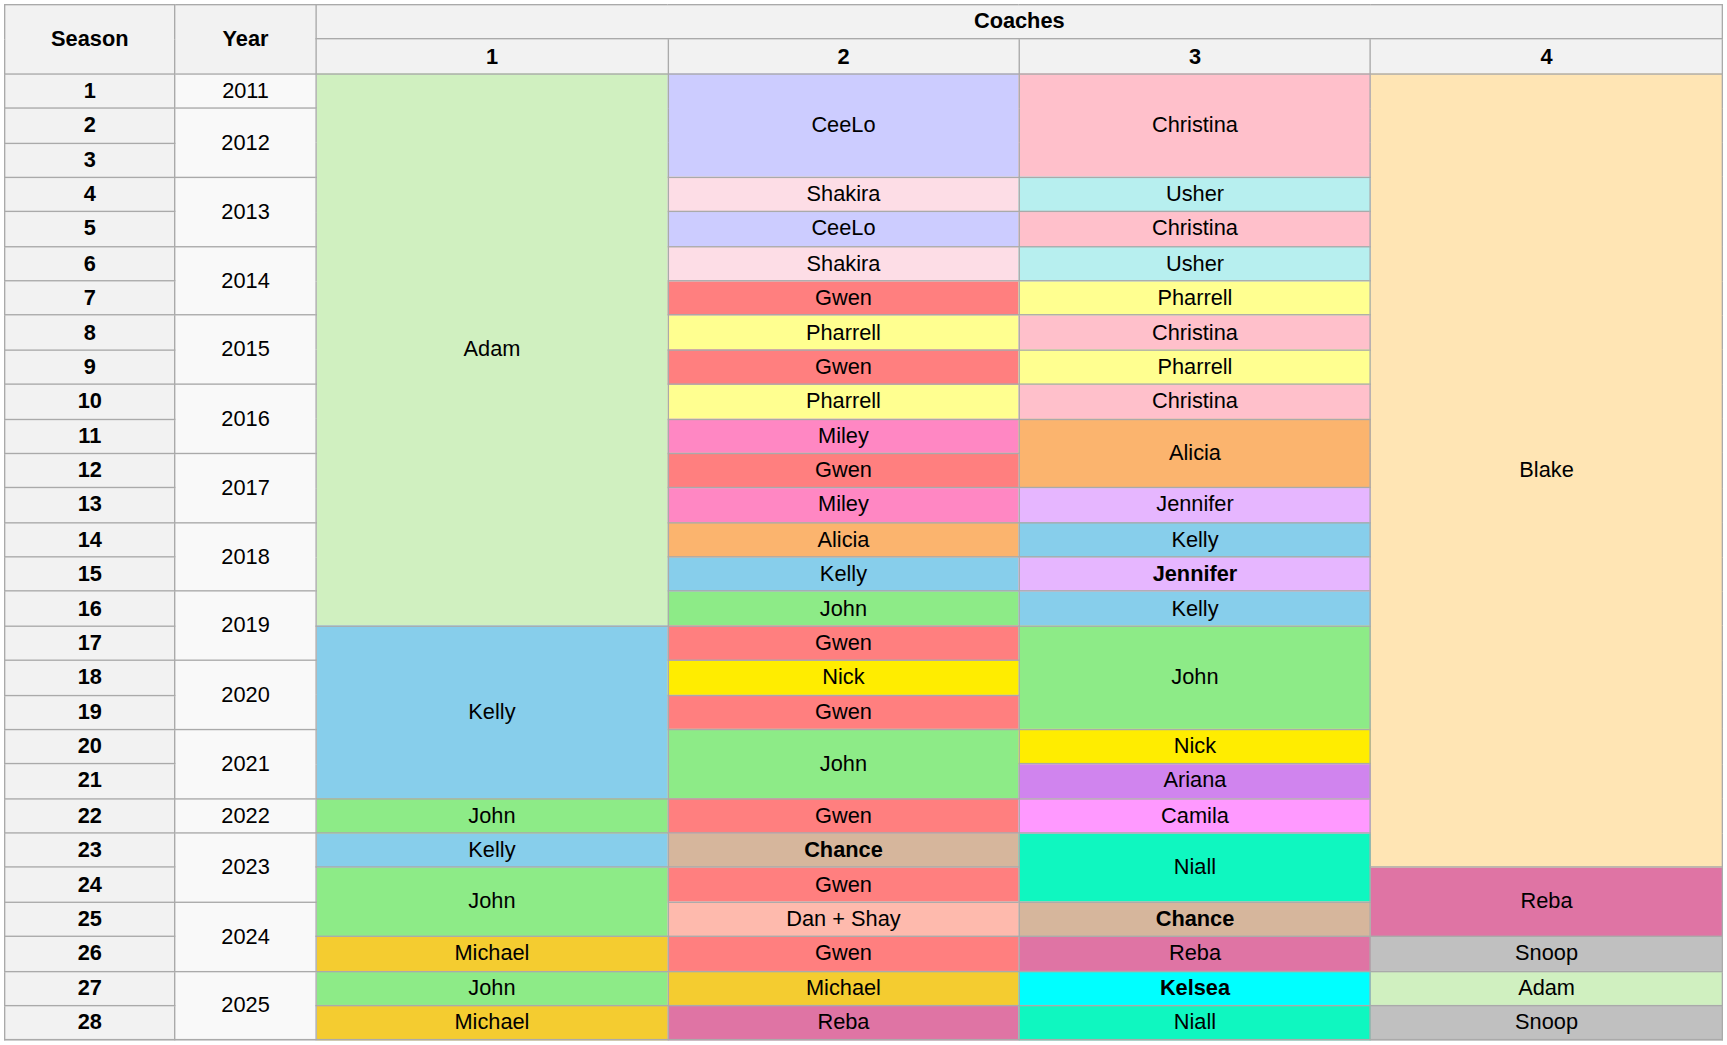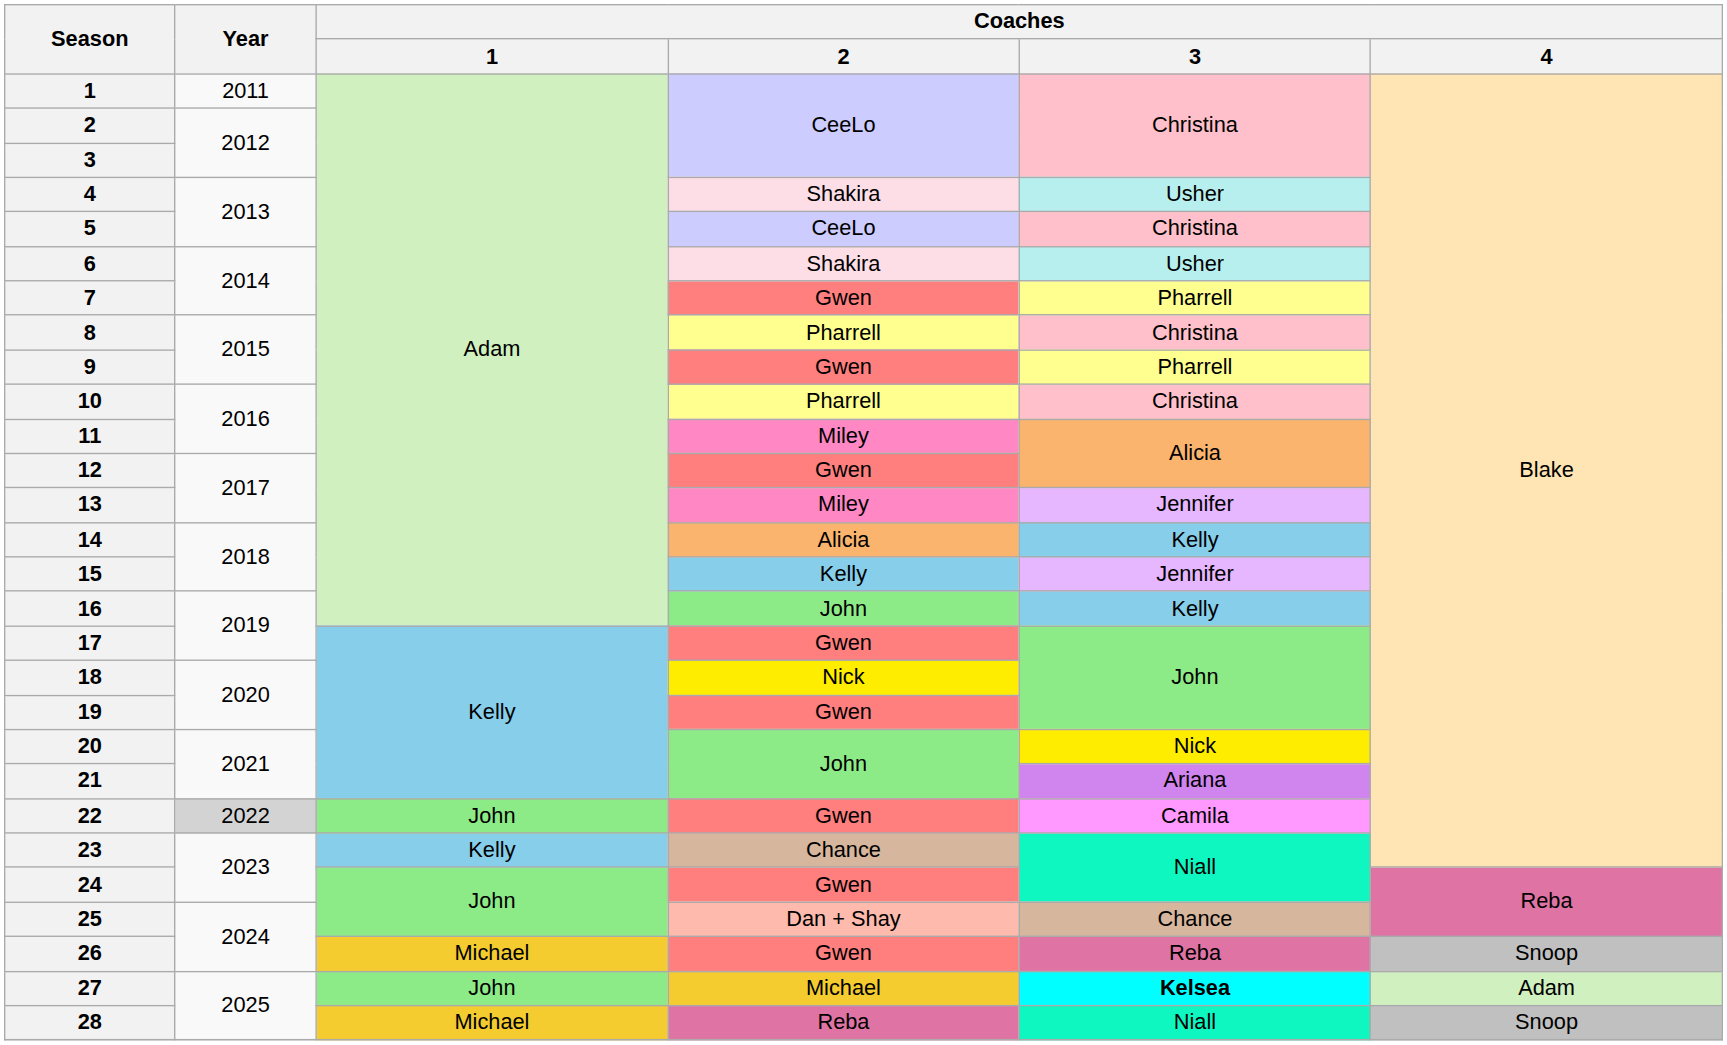 <table class="wikitable collapsible collapsed" style="text-align:center; width:100%">
 <tr>
 <th width="2%" rowspan="2">Season</th>
 <th width="2%" rowspan="2">Year</th>
 <th colspan="4">Coaches</th>
 </tr>
 <tr>
 <th width="6%">1</th>
 <th width="6%">2</th>
 <th width="6%">3</th>
 <th width="6%">4</th>
 </tr>
 <tr>
 <th>1</th>
 <td>2011</td>
 <td rowspan="16" style="background:#d0f0c0">Adam</td>
 <td rowspan="3" style="background:#ccf">CeeLo</td>
 <td rowspan="3" style="background:pink">Christina</td>
 <td rowspan="23" style="background:#ffe5b4">Blake</td>
 </tr>
 <tr>
 <th>2</th>
 <td rowspan="2">2012</td>
 </tr>
 <tr>
 <th>3</th>
 </tr>
 <tr>
 <th>4</th>
 <td rowspan="2">2013</td>
 <td style="background:#FDDDE6">Shakira</td>
 <td style="background:#b7efef">Usher</td>
 </tr>
 <tr>
 <th>5</th>
 <td style="background:#ccf">CeeLo</td>
 <td style="background:pink">Christina</td>
 </tr>
 <tr>
 <th>6</th>
 <td rowspan="2">2014</td>
 <td style="background:#FDDDE6">Shakira</td>
 <td style="background:#b7efef">Usher</td>
 </tr>
 <tr>
 <th>7</th>
 <td style="background:#FF7F7F">Gwen</td>
 <td style="background:#FFFF90">Pharrell</td>
 </tr>
 <tr>
 <th>8</th>
 <td rowspan="2">2015</td>
 <td style="background:#FFFF90">Pharrell</td>
 <td style="background:pink">Christina</td>
 </tr>
 <tr>
 <th>9</th>
 <td style="background:#FF7F7F">Gwen</td>
 <td style="background:#FFFF90">Pharrell</td>
 </tr>
 <tr>
 <th>10</th>
 <td rowspan="2">2016</td>
 <td style="background:#FFFF90">Pharrell</td>
 <td style="background:pink">Christina</td>
 </tr>
 <tr>
 <th>11</th>
 <td style="background:#FF87C3">Miley</td>
 <td rowspan="2" style="background:#fbb46e">Alicia</td>
 </tr>
 <tr>
 <th>12</th>
 <td rowspan="2">2017</td>
 <td style="background:#FF7F7F">Gwen</td>
 </tr>
 <tr>
 <th>13</th>
 <td style="background:#FF87C3">Miley</td>
 <td style="background:#E6B6FF">Jennifer</td>
 </tr>
 <tr>
 <th>14</th>
 <td rowspan="2">2018</td>
 <td style="background:#fbb46e">Alicia</td>
 <td style="background:#87ceeb">Kelly</td>
 </tr>
 <tr>
 <th>15</th>
 <td style="background:#87ceeb">Kelly</td>
-<td style="background:#E6B6FF"><strong>Jennifer</strong></td>
+<td style="background:#E6B6FF">Jennifer</td>
 </tr>
 <tr>
 <th>16</th>
 <td rowspan="2">2019</td>
 <td style="background:#8deb87">John</td>
 <td style="background:#87ceeb">Kelly</td>
 </tr>
 <tr>
 <th>17</th>
 <td rowspan="5" style="background:#87ceeb">Kelly</td>
 <td style="background:#FF7F7F">Gwen</td>
 <td rowspan="3" style="background:#8deb87">John</td>
 </tr>
 <tr>
 <th>18</th>
 <td rowspan="2">2020</td>
 <td style="background:#ffed00">Nick</td>
 </tr>
 <tr>
 <th>19</th>
 <td style="background:#FF7F7F">Gwen</td>
 </tr>
 <tr>
 <th>20</th>
 <td rowspan="2">2021</td>
 <td rowspan="2" style="background:#8deb87">John</td>
 <td style="background:#ffed00">Nick</td>
 </tr>
 <tr>
 <th>21</th>
 <td style="background:#D084EE">Ariana</td>
 </tr>
 <tr>
 <th>22</th>
-<td>2022</td>
+<td style="background: lightgrey;">2022</td>
 <td style="background:#8deb87">John</td>
 <td style="background:#FF7F7F">Gwen</td>
 <td style="background:#FF99FF">Camila</td>
 </tr>
 <tr>
 <th>23</th>
 <td rowspan="2">2023</td>
 <td style="background:#87ceeb">Kelly</td>
-<td style="background:#d6b69c"><strong>Chance</strong></td>
+<td style="background:#d6b69c">Chance</td>
 <td rowspan="2" style="background:#0FF7C0">Niall</td>
 </tr>
 <tr>
 <th>24</th>
 <td rowspan="2" style="background:#8deb87">John</td>
 <td style="background:#FF7F7F">Gwen</td>
 <td rowspan="2" style="background:#df74a4">Reba</td>
 </tr>
 <tr>
 <th>25</th>
 <td rowspan="2">2024</td>
 <td style="background:#febaad">Dan + Shay</td>
-<td style="background:#d6b69c"><strong>Chance</strong></td>
+<td style="background:#d6b69c">Chance</td>
 </tr>
 <tr>
 <th>26</th>
 <td style="background:#F4CC30">Michael</td>
 <td style="background:#FF7F7F">Gwen</td>
 <td style="background:#df74a4">Reba</td>
 <td style="background:#C0C0C0">Snoop</td>
 </tr>
 <tr>
 <th>27</th>
 <td rowspan="2">2025</td>
 <td style="background:#8deb87">John</td>
 <td style="background:#F4CC30">Michael</td>
 <td style="background:#00FFFF"><strong>Kelsea</strong></td>
 <td style="background:#d0f0c0">Adam</td>
 </tr>
 <tr>
 <th>28</th>
 <td style="background:#F4CC30">Michael</td>
 <td style="background:#df74a4">Reba</td>
 <td style="background:#0ff7c0">Niall</td>
 <td style="background:#C0C0C0">Snoop</td>
 </tr>
 <tr>
 </tr>
 </table>
